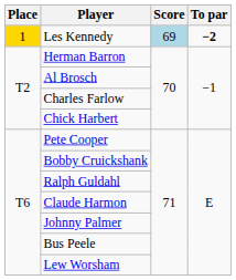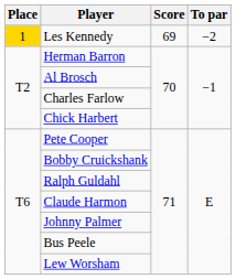 <table class=wikitable>
 <tr>
 <th>Place</th>
 <th>Player</th>
 <th>Score</th>
 <th>To par</th>
 </tr>
 <tr>
 <td align=center style="background: gold;">1</td>
 <td> Les Kennedy</td>
-<td align=center style="background: lightblue;">69</td>
-<td align=center><strong>−2</strong></td>
+<td align=center>69</td>
+<td align=center>−2</td>
 </tr>
 <tr>
 <td rowspan=4 align=center>T2</td>
 <td> <a href='#'>Herman Barron</a></td>
 <td rowspan=4 align=center>70</td>
 <td rowspan=4 align=center>−1</td>
 </tr>
 <tr>
 <td> <a href='#'>Al Brosch</a></td>
 </tr>
 <tr>
 <td> Charles Farlow</td>
 </tr>
 <tr>
 <td> <a href='#'>Chick Harbert</a></td>
 </tr>
 <tr>
 <td rowspan=7 align=center>T6</td>
 <td> <a href='#'>Pete Cooper</a></td>
 <td rowspan=7 align=center>71</td>
 <td rowspan=7 align=center>E</td>
 </tr>
 <tr>
 <td> <a href='#'>Bobby Cruickshank</a></td>
 </tr>
 <tr>
 <td> <a href='#'>Ralph Guldahl</a></td>
 </tr>
 <tr>
 <td> <a href='#'>Claude Harmon</a></td>
 </tr>
 <tr>
 <td> <a href='#'>Johnny Palmer</a></td>
 </tr>
 <tr>
 <td> Bus Peele</td>
 </tr>
 <tr>
 <td> <a href='#'>Lew Worsham</a></td>
 </tr>
 </table>
